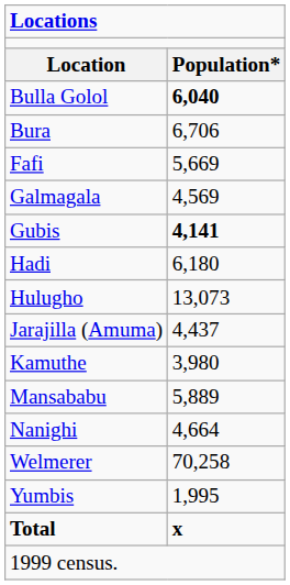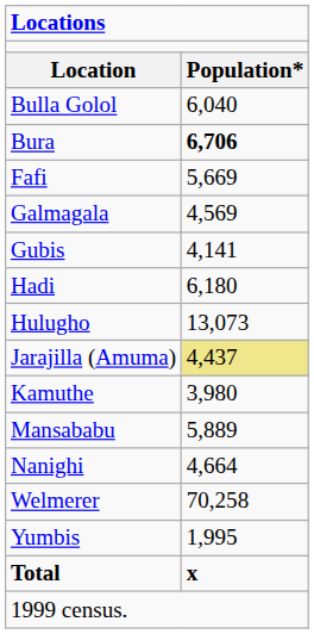 <table class="wikitable">
 <tr>
 <td colspan="2"><strong><a href='#'>Locations</a></strong></td>
 </tr>
 <tr>
 <td colspan="2"></td>
 </tr>
 <tr>
 <th>Location</th>
 <th>Population*</th>
 </tr>
 <tr>
 <td><a href='#'>Bulla Golol</a></td>
-<td><strong>6,040</strong></td>
+<td>6,040</td>
 </tr>
 <tr>
 <td><a href='#'>Bura</a></td>
-<td>6,706</td>
+<td><strong>6,706</strong></td>
 </tr>
 <tr>
 <td><a href='#'>Fafi</a></td>
 <td>5,669</td>
 </tr>
 <tr>
 <td><a href='#'>Galmagala</a></td>
 <td>4,569</td>
 </tr>
 <tr>
 <td><a href='#'>Gubis</a></td>
-<td><strong>4,141</strong></td>
+<td>4,141</td>
 </tr>
 <tr>
 <td><a href='#'>Hadi</a></td>
 <td>6,180</td>
 </tr>
 <tr>
 <td><a href='#'>Hulugho</a></td>
 <td>13,073</td>
 </tr>
 <tr>
 <td><a href='#'>Jarajilla</a> (<a href='#'>Amuma</a>)</td>
-<td>4,437</td>
+<td style="background: khaki;">4,437</td>
 </tr>
 <tr>
 <td><a href='#'>Kamuthe</a></td>
 <td>3,980</td>
 </tr>
 <tr>
 <td><a href='#'>Mansababu</a></td>
 <td>5,889</td>
 </tr>
 <tr>
 <td><a href='#'>Nanighi</a></td>
 <td>4,664</td>
 </tr>
 <tr>
 <td><a href='#'>Welmerer</a></td>
 <td>70,258</td>
 </tr>
 <tr>
 <td><a href='#'>Yumbis</a></td>
 <td>1,995</td>
 </tr>
 <tr>
 <td><strong>Total</strong></td>
 <td><strong>x</strong></td>
 </tr>
 <tr>
 <td colspan="2">1999 census.</td>
 </tr>
 </table>
